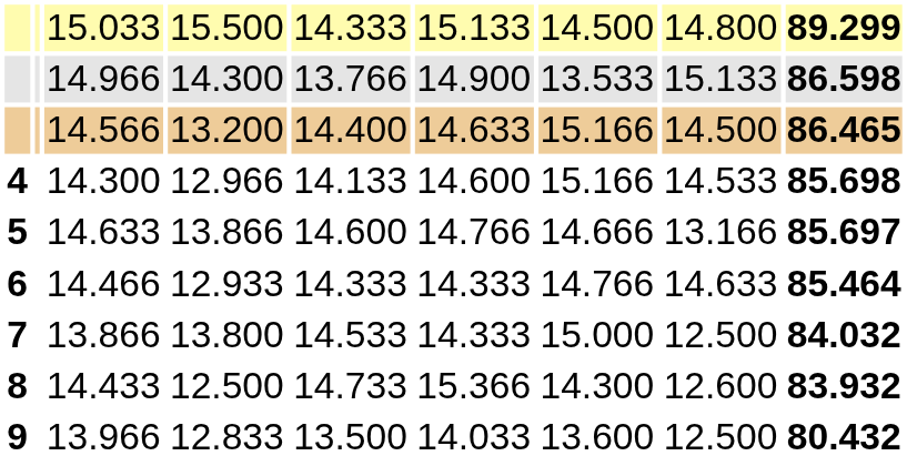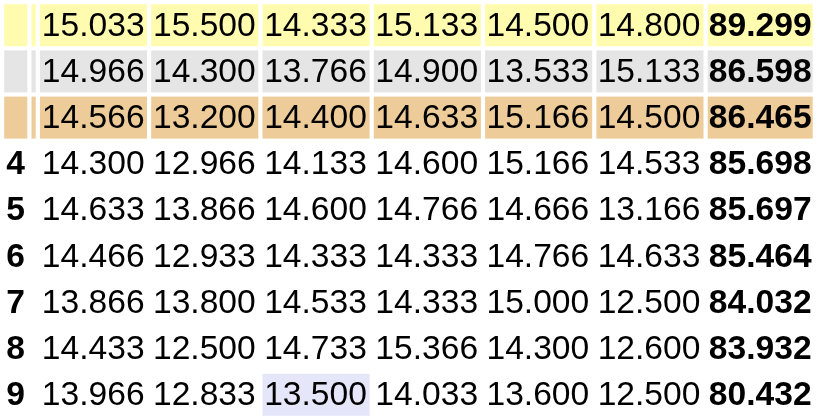 <table>
 <tr style="background:#fffcaf;">
 <th scope=row style="text-align:center"></th>
 <td align=left></td>
 <td>15.033</td>
 <td>15.500</td>
 <td>14.333</td>
 <td>15.133</td>
 <td>14.500</td>
 <td>14.800</td>
 <td><strong>89.299</strong></td>
 </tr>
 <tr style="background:#e5e5e5;">
 <th scope=row style="text-align:center"></th>
 <td align=left></td>
 <td>14.966</td>
 <td>14.300</td>
 <td>13.766</td>
 <td>14.900</td>
 <td>13.533</td>
 <td>15.133</td>
 <td><strong>86.598</strong></td>
 </tr>
 <tr style="background:#ec9;">
 <th scope=row style="text-align:center"></th>
 <td align=left></td>
 <td>14.566</td>
 <td>13.200</td>
 <td>14.400</td>
 <td>14.633</td>
 <td>15.166</td>
 <td>14.500</td>
 <td><strong>86.465</strong></td>
 </tr>
 <tr>
 <th scope=row style="text-align:center">4</th>
 <td align=left></td>
 <td>14.300</td>
 <td>12.966</td>
 <td>14.133</td>
 <td>14.600</td>
 <td>15.166</td>
 <td>14.533</td>
 <td><strong>85.698</strong></td>
 </tr>
 <tr>
 <th scope=row style="text-align:center">5</th>
 <td align=left></td>
 <td>14.633</td>
 <td>13.866</td>
 <td>14.600</td>
 <td>14.766</td>
 <td>14.666</td>
 <td>13.166</td>
 <td><strong>85.697</strong></td>
 </tr>
 <tr>
 <th scope=row style="text-align:center">6</th>
 <td align=left></td>
 <td>14.466</td>
 <td>12.933</td>
 <td>14.333</td>
 <td>14.333</td>
 <td>14.766</td>
 <td>14.633</td>
 <td><strong>85.464</strong></td>
 </tr>
 <tr>
 <th scope=row style="text-align:center">7</th>
 <td align=left></td>
 <td>13.866</td>
 <td>13.800</td>
 <td>14.533</td>
 <td>14.333</td>
 <td>15.000</td>
 <td>12.500</td>
 <td><strong>84.032</strong></td>
 </tr>
 <tr>
 <th scope=row style="text-align:center">8</th>
 <td align=left></td>
 <td>14.433</td>
 <td>12.500</td>
 <td>14.733</td>
 <td>15.366</td>
 <td>14.300</td>
 <td>12.600</td>
 <td><strong>83.932</strong></td>
 </tr>
 <tr>
 <th scope=row style="text-align:center">9</th>
 <td align=left></td>
 <td>13.966</td>
 <td>12.833</td>
-<td>13.500</td>
+<td style="background: lavender;">13.500</td>
 <td>14.033</td>
 <td>13.600</td>
 <td>12.500</td>
 <td><strong>80.432</strong></td>
 </tr>
 </table>
